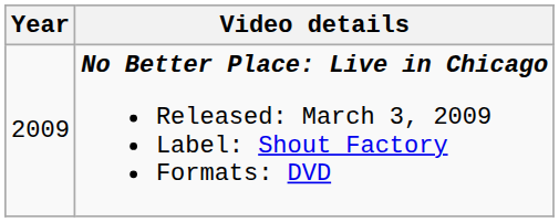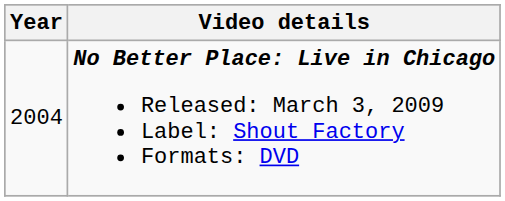 <table class ="wikitable">
 <tr>
 <th>Year</th>
 <th>Video details</th>
 </tr>
 <tr>
-<td>2009</td>
+<td>2004</td>
 <td><strong><em>No Better Place: Live in Chicago</em></strong><br><ul><li>Released: March 3, 2009</li><li>Label: <a href='#'>Shout Factory</a></li><li>Formats: <a href='#'>DVD</a></li></ul></td>
 </tr>
 </table>
